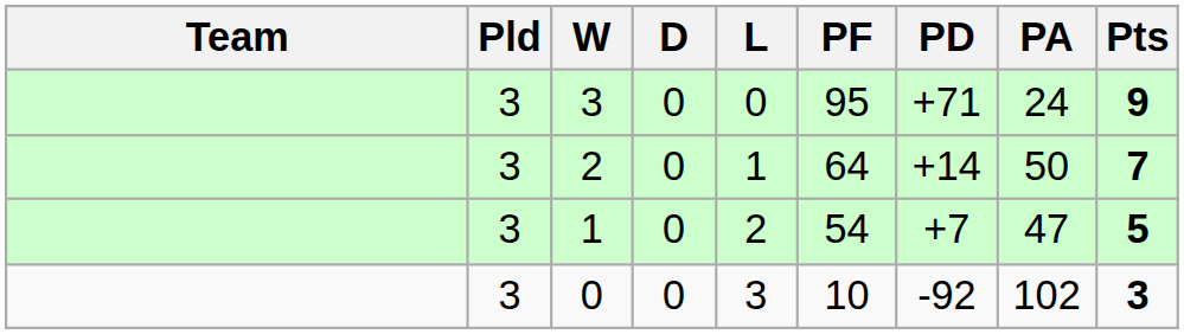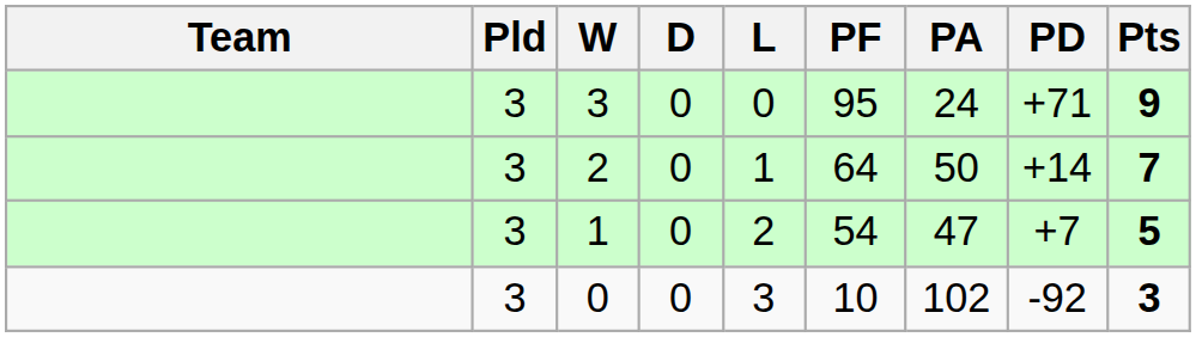 <table class="wikitable" style="text-align:center;">
 <tr>
 <th width=175>Team</th>
 <th width=25 abbr="Played">Pld</th>
 <th width=25 abbr="Won">W</th>
 <th width=25 abbr="Drawn">D</th>
 <th width=25 abbr="Lost">L</th>
 <th width=32 abbr="Points for">PF</th>
+<th width=32 abbr="Points against">PA</th>
 <th width=32 abbr="Points difference">PD</th>
-<th width=32 abbr="Points against">PA</th>
 <th width=25 abbr="Points">Pts</th>
 </tr>
 <tr bgcolor=ccffcc>
 <td align=left></td>
 <td>3</td>
 <td>3</td>
 <td>0</td>
 <td>0</td>
 <td>95</td>
+<td>24</td>
 <td>+71</td>
-<td>24</td>
 <td><strong>9</strong></td>
 </tr>
 <tr bgcolor=ccffcc>
 <td align=left></td>
 <td>3</td>
 <td>2</td>
 <td>0</td>
 <td>1</td>
 <td>64</td>
+<td>50</td>
 <td>+14</td>
-<td>50</td>
 <td><strong>7</strong></td>
 </tr>
 <tr bgcolor=ccffcc>
 <td align=left></td>
 <td>3</td>
 <td>1</td>
 <td>0</td>
 <td>2</td>
 <td>54</td>
+<td>47</td>
 <td>+7</td>
-<td>47</td>
 <td><strong>5</strong></td>
 </tr>
 <tr>
 <td align=left></td>
 <td>3</td>
 <td>0</td>
 <td>0</td>
 <td>3</td>
 <td>10</td>
+<td>102</td>
 <td>-92</td>
-<td>102</td>
 <td><strong>3</strong></td>
 </tr>
 </table>
